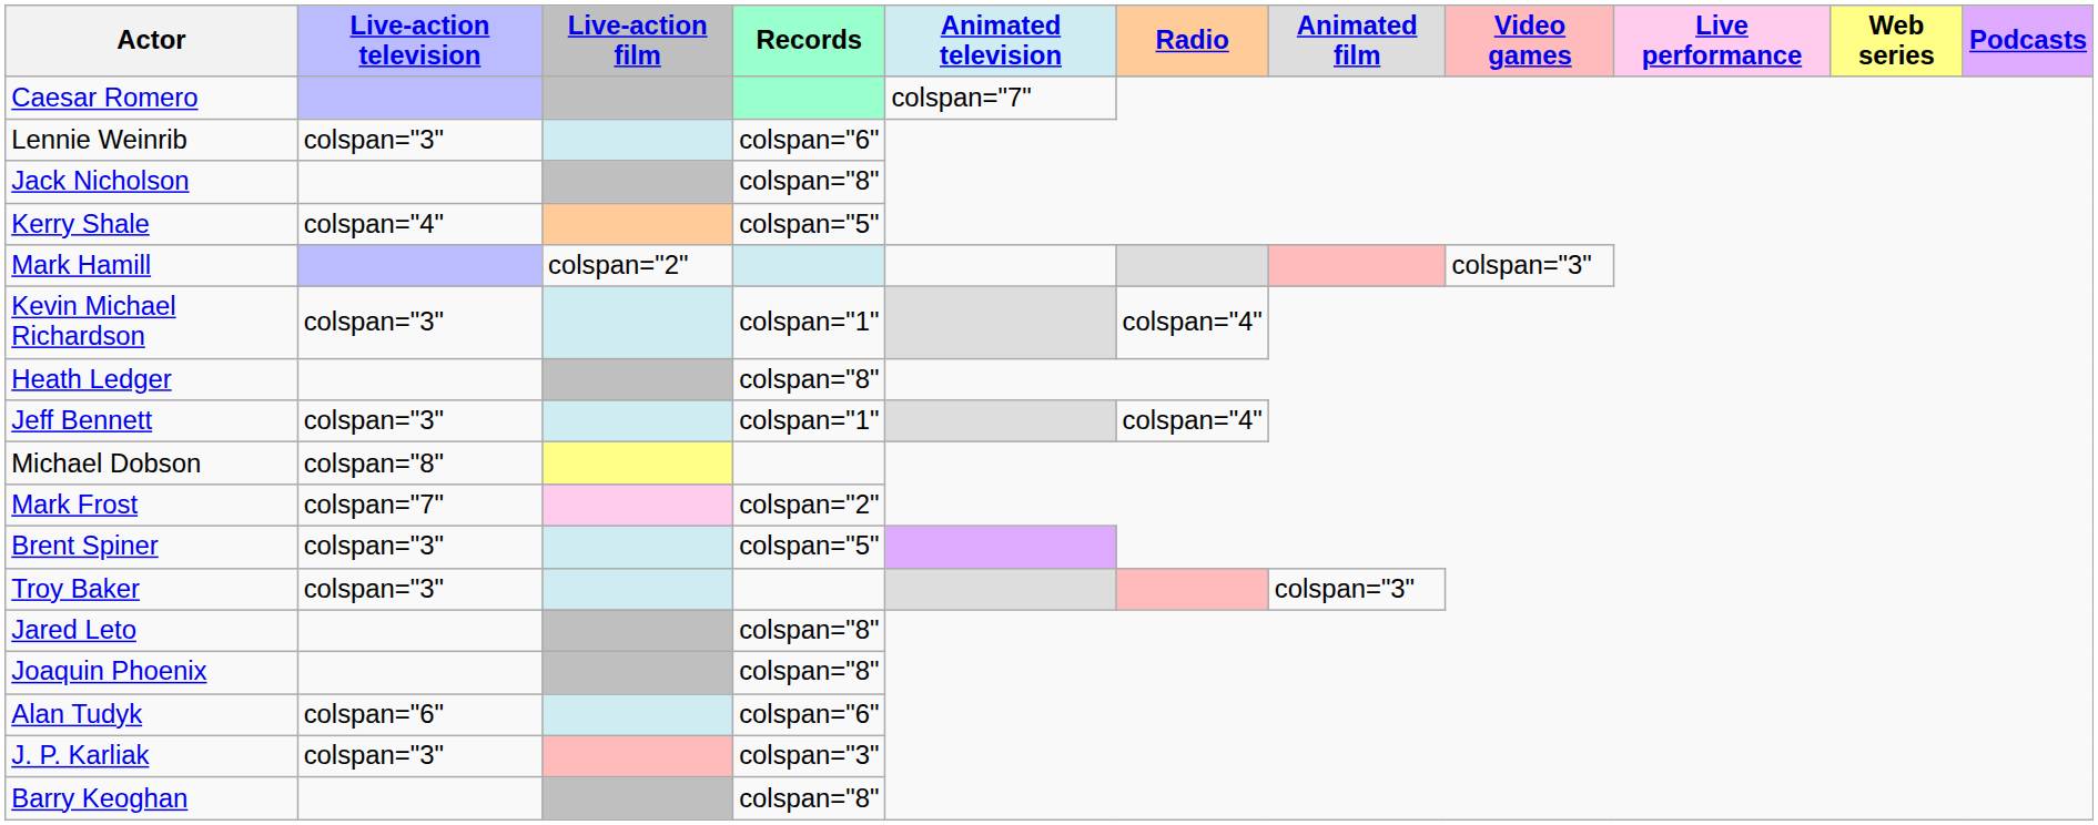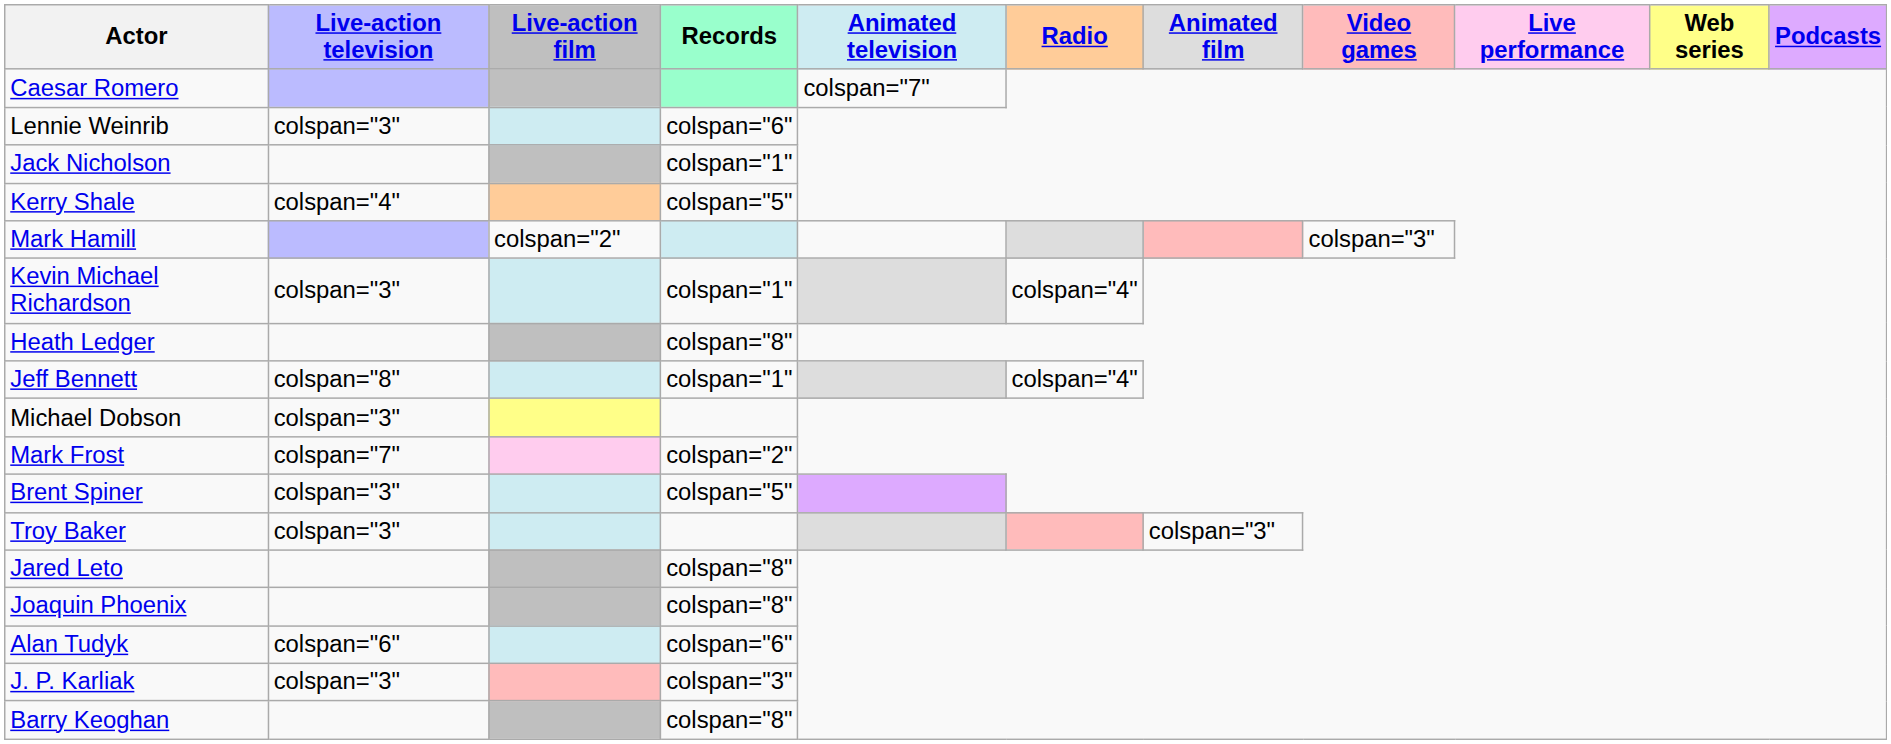 <table class="wikitable sortable" width="100%">
 <tr>
 <th width="14%">Actor</th>
 <th style="background:#bbf;"><a href='#'>Live-action television</a></th>
 <th style="background:#BFBFBF;"><a href='#'>Live-action film</a></th>
 <th style="background:#9fc;">Records</th>
 <th style="background:#CEECF2;"><a href='#'>Animated television</a></th>
 <th style="background:#fc9;"><a href='#'>Radio</a></th>
 <th style="background:#ddd;"><a href='#'>Animated film</a></th>
 <th style="background:#fbb;"><a href='#'>Video games</a></th>
 <th style="background:#fce;"><a href='#'>Live performance</a></th>
 <th style="background:#ff8;">Web series</th>
 <th style="background:#daf;"><a href='#'>Podcasts</a></th>
 </tr>
 <tr>
 <td><a href='#'>Caesar Romero</a></td>
 <td style="background:#bbf;"></td>
 <td style="background:#BFBFBF;"></td>
 <td style="background:#9fc;"></td>
 <td>colspan="7" </td>
 </tr>
 <tr>
 <td>Lennie Weinrib</td>
 <td>colspan="3" </td>
 <td style="background:#CEECF2;"></td>
 <td>colspan="6" </td>
 </tr>
 <tr>
 <td><a href='#'>Jack Nicholson</a></td>
 <td></td>
 <td style="background:#BFBFBF;"></td>
-<td>colspan="8" </td>
+<td>colspan="1" </td>
 </tr>
 <tr>
 <td><a href='#'>Kerry Shale</a></td>
 <td>colspan="4" </td>
 <td style="background:#fc9;"></td>
 <td>colspan="5" </td>
 </tr>
 <tr>
 <td><a href='#'>Mark Hamill</a></td>
 <td style="background:#bbf;"></td>
 <td>colspan="2" </td>
 <td style="background:#CEECF2;"></td>
 <td></td>
 <td style="background:#ddd;"></td>
 <td style="background:#fbb;"></td>
 <td>colspan="3" </td>
 </tr>
 <tr>
 <td><a href='#'>Kevin Michael Richardson</a></td>
 <td>colspan="3" </td>
 <td style="background:#CEECF2;"></td>
 <td>colspan="1" </td>
 <td style="background:#ddd;"></td>
 <td>colspan="4" </td>
 </tr>
 <tr>
 <td><a href='#'>Heath Ledger</a></td>
 <td></td>
 <td style="background:#BFBFBF;"></td>
 <td>colspan="8" </td>
 </tr>
 <tr>
 <td><a href='#'>Jeff Bennett</a></td>
-<td>colspan="3" </td>
+<td>colspan="8" </td>
 <td style="background:#CEECF2;"></td>
 <td>colspan="1" </td>
 <td style="background:#ddd;"></td>
 <td>colspan="4" </td>
 </tr>
 <tr>
 <td>Michael Dobson</td>
-<td>colspan="8" </td>
+<td>colspan="3" </td>
 <td style="background:#ff8;"></td>
 <td></td>
 </tr>
 <tr>
 <td><a href='#'>Mark Frost</a></td>
 <td>colspan="7" </td>
 <td style="background:#fce;"></td>
 <td>colspan="2" </td>
 </tr>
 <tr>
 <td><a href='#'>Brent Spiner</a></td>
 <td>colspan="3" </td>
 <td style="background:#CEECF2;"></td>
 <td>colspan="5" </td>
 <td style="background:#daf;"></td>
 </tr>
 <tr>
 <td><a href='#'>Troy Baker</a></td>
 <td>colspan="3" </td>
 <td style="background:#CEECF2;"></td>
 <td></td>
 <td style="background:#ddd;"></td>
 <td style="background:#fbb;"></td>
 <td>colspan="3" </td>
 </tr>
 <tr>
 <td><a href='#'>Jared Leto</a></td>
 <td></td>
 <td style="background:#BFBFBF;"></td>
 <td>colspan="8" </td>
 </tr>
 <tr>
 <td><a href='#'>Joaquin Phoenix</a></td>
 <td></td>
 <td style="background:#BFBFBF;"></td>
 <td>colspan="8" </td>
 </tr>
 <tr>
 <td><a href='#'>Alan Tudyk</a></td>
 <td>colspan="6" </td>
 <td style="background:#CEECF2;"></td>
 <td>colspan="6" </td>
 </tr>
 <tr>
 <td><a href='#'>J. P. Karliak</a></td>
 <td>colspan="3" </td>
 <td style="background:#fbb;"></td>
 <td>colspan="3" </td>
 </tr>
 <tr>
 <td><a href='#'>Barry Keoghan</a></td>
 <td></td>
 <td style="background:#BFBFBF;"></td>
 <td>colspan="8" </td>
 </tr>
 </table>
